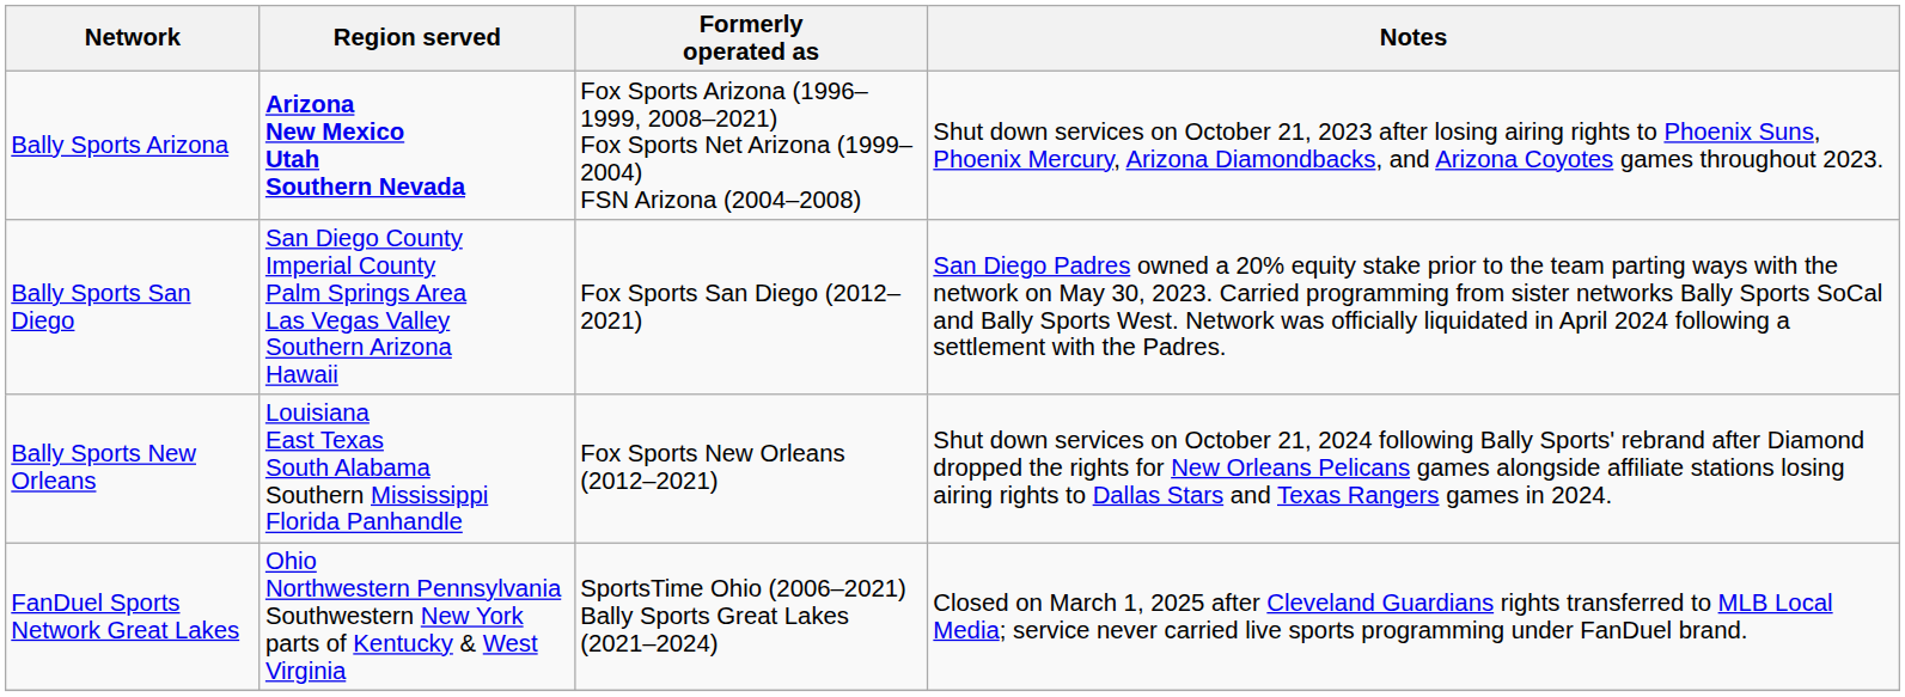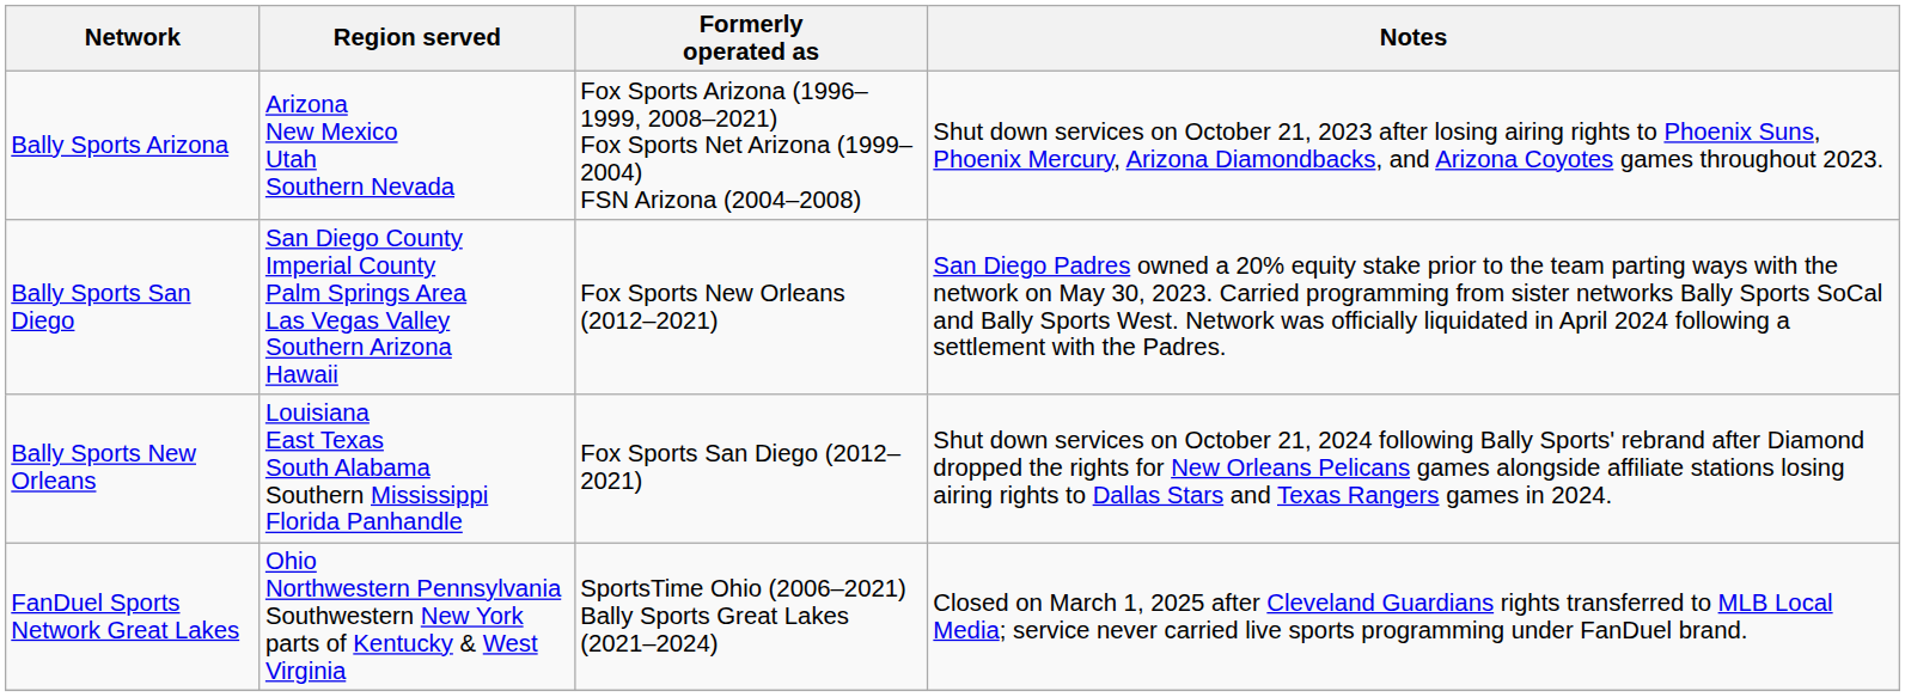 <table class="wikitable">
 <tr style="text-align:center;">
 <th style="width:160px;">Network</th>
 <th style="width:200px;">Region served</th>
 <th style="width:225px;">Formerly<br>operated as</th>
 <th>Notes</th>
 </tr>
 <tr>
 <td><a href='#'>Bally Sports Arizona</a></td>
-<td><strong><a href='#'>Arizona</a><br><a href='#'>New Mexico</a><br><a href='#'>Utah</a><br><a href='#'>Southern Nevada</a></strong></td>
+<td><a href='#'>Arizona</a><br><a href='#'>New Mexico</a><br><a href='#'>Utah</a><br><a href='#'>Southern Nevada</a></td>
 <td>Fox Sports Arizona (1996–1999, 2008–2021)<br>Fox Sports Net Arizona (1999–2004)<br>FSN Arizona (2004–2008)</td>
 <td>Shut down services on October 21, 2023 after losing airing rights to <a href='#'>Phoenix Suns</a>, <a href='#'>Phoenix Mercury</a>, <a href='#'>Arizona Diamondbacks</a>, and <a href='#'>Arizona Coyotes</a> games throughout 2023.</td>
 </tr>
 <tr>
 <td><a href='#'>Bally Sports San Diego</a></td>
 <td><a href='#'>San Diego County</a><br><a href='#'>Imperial County</a><br><a href='#'>Palm Springs Area</a><br><a href='#'>Las Vegas Valley</a><br><a href='#'>Southern Arizona</a><br><a href='#'>Hawaii</a></td>
-<td>Fox Sports San Diego (2012–2021)</td>
+<td>Fox Sports New Orleans (2012–2021)</td>
 <td><a href='#'>San Diego Padres</a> owned a 20% equity stake prior to the team parting ways with the network on May 30, 2023. Carried programming from sister networks Bally Sports SoCal and Bally Sports West. Network was officially liquidated in April 2024 following a settlement with the Padres.</td>
 </tr>
 <tr>
 <td><a href='#'>Bally Sports New Orleans</a></td>
 <td><a href='#'>Louisiana</a><br><a href='#'>East Texas</a><br><a href='#'>South Alabama</a><br>Southern <a href='#'>Mississippi</a><br><a href='#'>Florida Panhandle</a></td>
-<td>Fox Sports New Orleans (2012–2021)</td>
+<td>Fox Sports San Diego (2012–2021)</td>
 <td>Shut down services on October 21, 2024 following Bally Sports' rebrand after Diamond dropped the rights for <a href='#'>New Orleans Pelicans</a> games alongside affiliate stations losing airing rights to <a href='#'>Dallas Stars</a> and <a href='#'>Texas Rangers</a> games in 2024.</td>
 </tr>
 <tr>
 <td><a href='#'>FanDuel Sports Network Great Lakes</a></td>
 <td><a href='#'>Ohio</a><br><a href='#'>Northwestern Pennsylvania</a><br>Southwestern <a href='#'>New York</a><br>parts of <a href='#'>Kentucky</a> & <a href='#'>West Virginia</a></td>
 <td>SportsTime Ohio (2006–2021)<br>Bally Sports Great Lakes (2021–2024)</td>
 <td>Closed on March 1, 2025 after <a href='#'>Cleveland Guardians</a> rights transferred to <a href='#'>MLB Local Media</a>; service never carried live sports programming under FanDuel brand.</td>
 </tr>
 <tr>
 </tr>
 </table>
